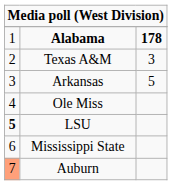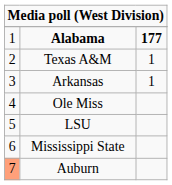 <table class="wikitable" style="display: inline-table;">
 <tr>
 <td style="text-align:center" Colspan="3"><strong>Media poll (West Division)</strong></td>
 </tr>
 <tr style="text-align:center">
 </tr>
 <tr style="text-align:center">
 <td>1</td>
 <td><strong>Alabama</strong></td>
-<td><strong>178</strong></td>
+<td><strong>177</strong></td>
 </tr>
 <tr style="text-align:center">
 <td>2</td>
 <td>Texas A&M</td>
-<td>3</td>
+<td>1</td>
 </tr>
 <tr style="text-align:center">
 <td>3</td>
 <td>Arkansas</td>
-<td>5</td>
+<td>1</td>
 </tr>
 <tr style="text-align:center">
 <td>4</td>
 <td>Ole Miss</td>
 <td></td>
 </tr>
 <tr style="text-align:center">
-<td><strong>5</strong></td>
+<td>5</td>
 <td>LSU</td>
 <td></td>
 </tr>
 <tr style="text-align:center">
 <td>6</td>
 <td>Mississippi State</td>
 <td></td>
 </tr>
 <tr style="text-align:center">
 <td style="background: lightsalmon;">7</td>
 <td>Auburn</td>
 <td></td>
 </tr>
 </table>
